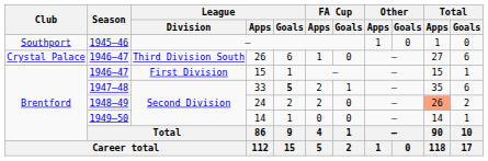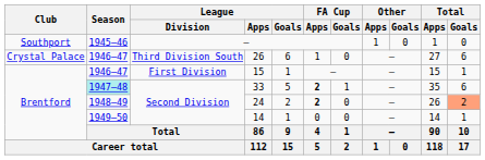 <table class="wikitable" style="text-align: center;">
 <tr>
 <th rowspan="2">Club</th>
 <th rowspan="2">Season</th>
 <th colspan="3">League</th>
 <th colspan="2">FA Cup</th>
 <th colspan="2">Other</th>
 <th colspan="2">Total</th>
 </tr>
 <tr>
 <th>Division</th>
 <th>Apps</th>
 <th>Goals</th>
 <th>Apps</th>
 <th>Goals</th>
 <th>Apps</th>
 <th>Goals</th>
 <th>Apps</th>
 <th>Goals</th>
 </tr>
 <tr>
 <td><a href='#'>Southport</a></td>
 <td><a href='#'>1945–46</a></td>
 <td colspan="5"><em>—</em></td>
 <td>1</td>
 <td>0</td>
 <td>1</td>
 <td>0</td>
 </tr>
 <tr>
 <td><a href='#'>Crystal Palace</a></td>
 <td><a href='#'>1946–47</a></td>
 <td><a href='#'>Third Division South</a></td>
 <td>26</td>
 <td>6</td>
 <td>1</td>
 <td>0</td>
 <td colspan="2"><em>—</em></td>
 <td>27</td>
 <td>6</td>
 </tr>
 <tr>
 <td rowspan="5"><a href='#'>Brentford</a></td>
 <td><a href='#'>1946–47</a></td>
 <td><a href='#'>First Division</a></td>
 <td>15</td>
 <td>1</td>
 <td colspan="2"><em>—</em></td>
 <td colspan="2"><em>—</em></td>
 <td>15</td>
 <td>1</td>
 </tr>
 <tr>
-<td><a href='#'>1947–48</a></td>
+<td style="background: paleturquoise;"><a href='#'>1947–48</a></td>
 <td rowspan="3"><a href='#'>Second Division</a></td>
 <td>33</td>
-<td><strong>5</strong></td>
-<td>2</td>
+<td>5</td>
+<td><strong>2</strong></td>
 <td>1</td>
 <td colspan="2"><em>—</em></td>
 <td>35</td>
 <td>6</td>
 </tr>
 <tr>
 <td><a href='#'>1948–49</a></td>
 <td>24</td>
 <td>2</td>
-<td>2</td>
+<td><strong>2</strong></td>
 <td>0</td>
 <td colspan="2"><em>—</em></td>
-<td style="background: lightsalmon;">26</td>
-<td>2</td>
+<td>26</td>
+<td style="background: lightsalmon;">2</td>
 </tr>
 <tr>
 <td><a href='#'>1949–50</a></td>
 <td>14</td>
 <td>1</td>
 <td>0</td>
 <td>0</td>
 <td colspan="2"><em>—</em></td>
 <td>14</td>
 <td>1</td>
 </tr>
 <tr>
 <th colspan="2">Total</th>
 <th>86</th>
 <th>9</th>
 <th>4</th>
 <th>1</th>
 <th colspan="2"><em>—</em></th>
 <th>90</th>
 <th>10</th>
 </tr>
 <tr>
 <th colspan="3">Career total</th>
 <th>112</th>
 <th>15</th>
 <th>5</th>
 <th>2</th>
 <th>1</th>
 <th>0</th>
 <th>118</th>
 <th>17</th>
 </tr>
 </table>
